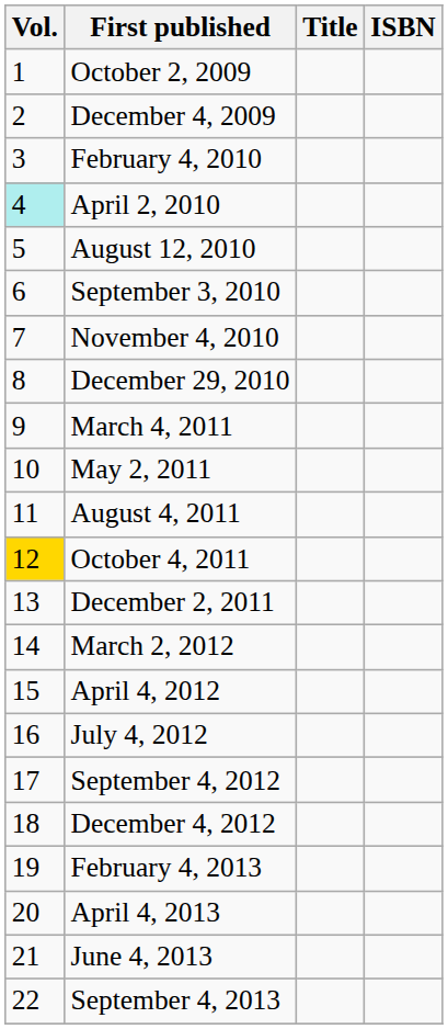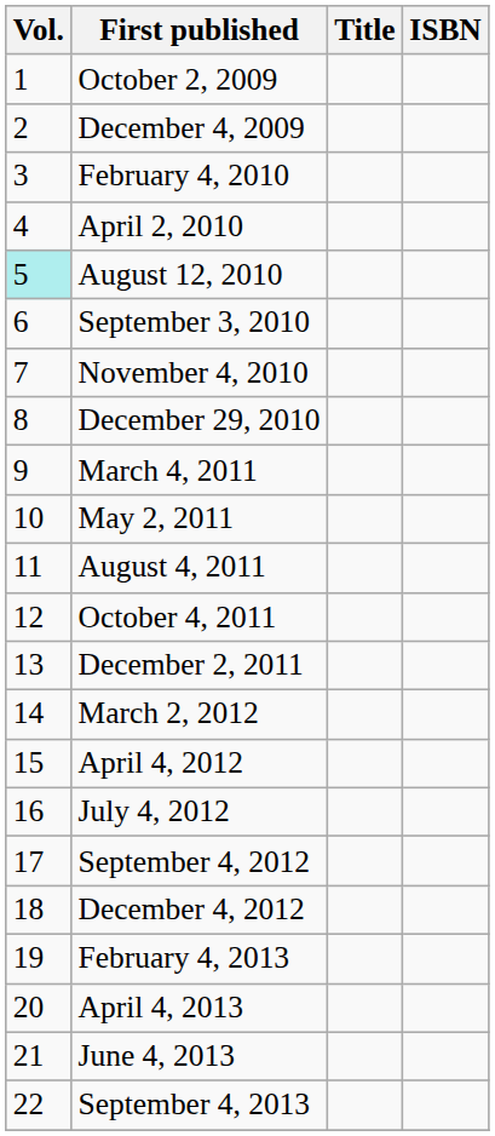 <table class="wikitable">
 <tr>
 <th>Vol.</th>
 <th>First published</th>
 <th>Title</th>
 <th>ISBN</th>
 </tr>
 <tr>
 <td>1</td>
 <td>October 2, 2009</td>
 <td></td>
 <td><small></small></td>
 </tr>
 <tr>
 <td>2</td>
 <td>December 4, 2009</td>
 <td></td>
 <td><small></small></td>
 </tr>
 <tr>
 <td>3</td>
 <td>February 4, 2010</td>
 <td></td>
 <td><small></small></td>
 </tr>
 <tr>
-<td style="background: paleturquoise;">4</td>
+<td>4</td>
 <td>April 2, 2010</td>
 <td></td>
 <td><small></small></td>
 </tr>
 <tr>
-<td>5</td>
+<td style="background: paleturquoise;">5</td>
 <td>August 12, 2010</td>
 <td></td>
 <td><small></small></td>
 </tr>
 <tr>
 <td>6</td>
 <td>September 3, 2010</td>
 <td></td>
 <td><small></small></td>
 </tr>
 <tr>
 <td>7</td>
 <td>November 4, 2010</td>
 <td></td>
 <td><small></small></td>
 </tr>
 <tr>
 <td>8</td>
 <td>December 29, 2010</td>
 <td></td>
 <td><small></small></td>
 </tr>
 <tr>
 <td>9</td>
 <td>March 4, 2011</td>
 <td></td>
 <td><small></small></td>
 </tr>
 <tr>
 <td>10</td>
 <td>May 2, 2011</td>
 <td></td>
 <td><small></small></td>
 </tr>
 <tr>
 <td>11</td>
 <td>August 4, 2011</td>
 <td></td>
 <td><small></small></td>
 </tr>
 <tr>
-<td style="background: gold;">12</td>
+<td>12</td>
 <td>October 4, 2011</td>
 <td></td>
 <td><small></small></td>
 </tr>
 <tr>
 <td>13</td>
 <td>December 2, 2011</td>
 <td></td>
 <td><small></small></td>
 </tr>
 <tr>
 <td>14</td>
 <td>March 2, 2012</td>
 <td></td>
 <td><small></small></td>
 </tr>
 <tr>
 <td>15</td>
 <td>April 4, 2012</td>
 <td></td>
 <td><small></small></td>
 </tr>
 <tr>
 <td>16</td>
 <td>July 4, 2012</td>
 <td></td>
 <td><small></small></td>
 </tr>
 <tr>
 <td>17</td>
 <td>September 4, 2012</td>
 <td></td>
 <td><small></small></td>
 </tr>
 <tr>
 <td>18</td>
 <td>December 4, 2012</td>
 <td></td>
 <td><small></small></td>
 </tr>
 <tr>
 <td>19</td>
 <td>February 4, 2013</td>
 <td></td>
 <td><small></small></td>
 </tr>
 <tr>
 <td>20</td>
 <td>April 4, 2013</td>
 <td></td>
 <td><small></small></td>
 </tr>
 <tr>
 <td>21</td>
 <td>June 4, 2013</td>
 <td></td>
 <td><small></small></td>
 </tr>
 <tr>
 <td>22</td>
 <td>September 4, 2013</td>
 <td></td>
 <td><small></small></td>
 </tr>
 <tr>
 </tr>
 </table>
